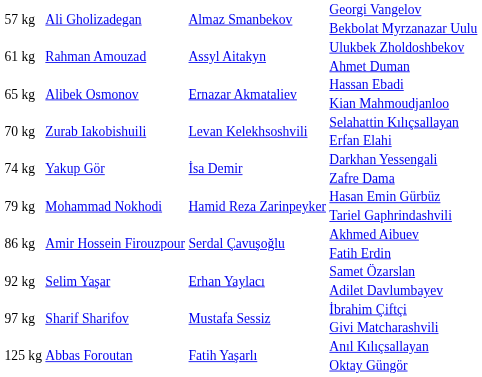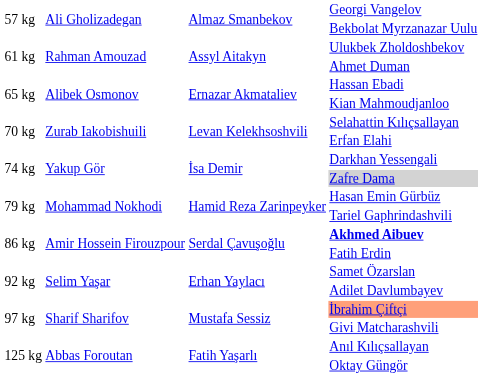 <table>
 <tr>
 <td rowspan=2>57 kg</td>
 <td rowspan=2> <a href='#'>Ali Gholizadegan</a></td>
 <td rowspan=2> <a href='#'>Almaz Smanbekov</a></td>
 <td> <a href='#'>Georgi Vangelov</a></td>
 </tr>
 <tr>
 <td> <a href='#'>Bekbolat Myrzanazar Uulu</a></td>
 </tr>
 <tr>
 <td rowspan=2>61 kg</td>
 <td rowspan=2> <a href='#'>Rahman Amouzad</a></td>
 <td rowspan=2> <a href='#'>Assyl Aitakyn</a></td>
 <td> <a href='#'>Ulukbek Zholdoshbekov</a></td>
 </tr>
 <tr>
 <td> <a href='#'>Ahmet Duman</a></td>
 </tr>
 <tr>
 <td rowspan=2>65 kg</td>
 <td rowspan=2> <a href='#'>Alibek Osmonov</a></td>
 <td rowspan=2> <a href='#'>Ernazar Akmataliev</a></td>
 <td> <a href='#'>Hassan Ebadi</a></td>
 </tr>
 <tr>
 <td> <a href='#'>Kian Mahmoudjanloo</a></td>
 </tr>
 <tr>
 <td rowspan=2>70 kg</td>
 <td rowspan=2> <a href='#'>Zurab Iakobishuili</a></td>
 <td rowspan=2> <a href='#'>Levan Kelekhsoshvili</a></td>
 <td> <a href='#'>Selahattin Kılıçsallayan</a></td>
 </tr>
 <tr>
 <td> <a href='#'>Erfan Elahi</a></td>
 </tr>
 <tr>
 <td rowspan=2>74 kg</td>
 <td rowspan=2> <a href='#'>Yakup Gör</a></td>
 <td rowspan=2> <a href='#'>İsa Demir</a></td>
 <td> <a href='#'>Darkhan Yessengali</a></td>
 </tr>
 <tr>
-<td> <a href='#'>Zafre Dama</a></td>
+<td style="background: lightgrey;"> <a href='#'>Zafre Dama</a></td>
 </tr>
 <tr>
 <td rowspan=2>79 kg</td>
 <td rowspan=2> <a href='#'>Mohammad Nokhodi</a></td>
 <td rowspan=2> <a href='#'>Hamid Reza Zarinpeyker</a></td>
 <td> <a href='#'>Hasan Emin Gürbüz</a></td>
 </tr>
 <tr>
 <td> <a href='#'>Tariel Gaphrindashvili</a></td>
 </tr>
 <tr>
 <td rowspan=2>86 kg</td>
 <td rowspan=2> <a href='#'>Amir Hossein Firouzpour</a></td>
 <td rowspan=2> <a href='#'>Serdal Çavuşoğlu</a></td>
-<td> <a href='#'>Akhmed Aibuev</a></td>
+<td><strong> <a href='#'>Akhmed Aibuev</a></strong></td>
 </tr>
 <tr>
 <td> <a href='#'>Fatih Erdin</a></td>
 </tr>
 <tr>
 <td rowspan=2>92 kg</td>
 <td rowspan=2> <a href='#'>Selim Yaşar</a></td>
 <td rowspan=2> <a href='#'>Erhan Yaylacı</a></td>
 <td> <a href='#'>Samet Özarslan</a></td>
 </tr>
 <tr>
 <td> <a href='#'>Adilet Davlumbayev</a></td>
 </tr>
 <tr>
 <td rowspan=2>97 kg</td>
 <td rowspan=2> <a href='#'>Sharif Sharifov</a></td>
 <td rowspan=2> <a href='#'>Mustafa Sessiz</a></td>
-<td> <a href='#'>İbrahim Çiftçi</a></td>
+<td style="background: lightsalmon;"> <a href='#'>İbrahim Çiftçi</a></td>
 </tr>
 <tr>
 <td> <a href='#'>Givi Matcharashvili</a></td>
 </tr>
 <tr>
 <td rowspan=2>125 kg</td>
 <td rowspan=2> <a href='#'>Abbas Foroutan</a></td>
 <td rowspan=2> <a href='#'>Fatih Yaşarlı</a></td>
 <td> <a href='#'>Anıl Kılıçsallayan</a></td>
 </tr>
 <tr>
 <td> <a href='#'>Oktay Güngör</a></td>
 </tr>
 </table>
